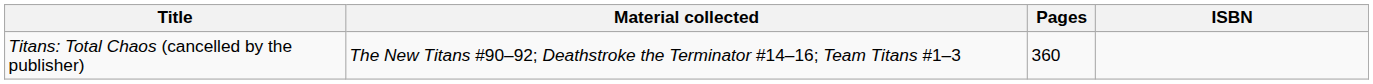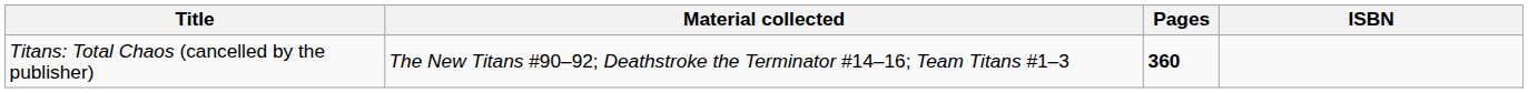 <table class="wikitable" style="width:100%;">
 <tr>
 <th style="width:25%;">Title</th>
 <th style="width:50%;">Material collected</th>
 <th style="width:5%;">Pages</th>
 <th style="width:20%;">ISBN</th>
 </tr>
 <tr>
 <td><em>Titans: Total Chaos</em> (cancelled by the publisher)</td>
 <td><em>The New Titans</em> #90–92; <em>Deathstroke the Terminator</em> #14–16; <em>Team Titans</em> #1–3</td>
-<td>360</td>
+<td><strong>360</strong></td>
 <td></td>
 </tr>
 </table>
